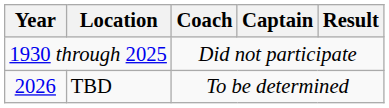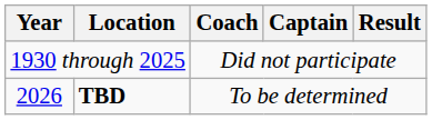 <table class="wikitable sortable" style="text-align:center;">
 <tr>
 <th>Year</th>
 <th>Location</th>
 <th>Coach</th>
 <th>Captain</th>
 <th>Result</th>
 </tr>
 <tr>
 <td align=center colspan=2><a href='#'>1930</a> <em>through</em> <a href='#'>2025</a></td>
 <td align=center colspan=3 rowspan=1><em>Did not participate</em></td>
 </tr>
 <tr>
 <td><a href='#'>2026</a></td>
-<td align=left> TBD</td>
+<td align=left><strong> TBD</strong></td>
 <td colspan=3><em>To be determined</em></td>
 </tr>
 </table>
